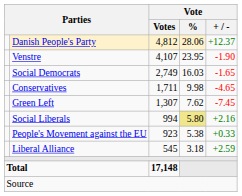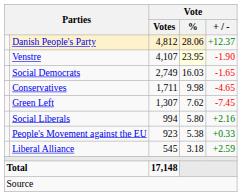 <table class="wikitable" style="text-align:right;">
 <tr>
 <th style="text-align:centre;" rowspan="2" colspan="2" width="225">Parties</th>
 <th colspan="3">Vote</th>
 </tr>
 <tr>
 <th width="15">Votes</th>
 <th width="15">%</th>
 <th width="15">+ / -</th>
 </tr>
 <tr>
 <td width="2" style="color:inherit;background:"></td>
 <td bgcolor=#fef2cc   align="left"><a href='#'>Danish People's Party</a></td>
 <td bgcolor=#fef2cc>4,812</td>
 <td bgcolor=#fef2cc>28.06</td>
 <td style=color:green;>+12.37</td>
 </tr>
 <tr>
 <td width="2" style="color:inherit;background:"></td>
 <td align="left"><a href='#'>Venstre</a></td>
 <td>4,107</td>
-<td>23.95</td>
+<td style="background: lightyellow;">23.95</td>
 <td style=color:red;>-1.90</td>
 </tr>
 <tr>
 <td width="2" style="color:inherit;background:"></td>
 <td align="left"><a href='#'>Social Democrats</a></td>
 <td>2,749</td>
 <td>16.03</td>
 <td style=color:red;>-1.65</td>
 </tr>
 <tr>
 <td width="2" style="color:inherit;background:"></td>
 <td align="left"><a href='#'>Conservatives</a></td>
 <td>1,711</td>
 <td>9.98</td>
 <td style=color:red;>-4.65</td>
 </tr>
 <tr>
 <td width="2" style="color:inherit;background:"></td>
 <td align="left"><a href='#'>Green Left</a></td>
 <td>1,307</td>
 <td>7.62</td>
 <td style=color:red;>-7.45</td>
 </tr>
 <tr>
 <td width="2" style="color:inherit;background:"></td>
 <td align="left"><a href='#'>Social Liberals</a></td>
 <td>994</td>
-<td style="background: khaki;">5.80</td>
+<td>5.80</td>
 <td style=color:green;>+2.16</td>
 </tr>
 <tr>
 <td width="2" style="color:inherit;background:"></td>
 <td align="left"><a href='#'>People's Movement against the EU</a></td>
 <td>923</td>
 <td>5.38</td>
 <td style=color:green;>+0.33</td>
 </tr>
 <tr>
 <td width="2" style="color:inherit;background:"></td>
 <td align="left"><a href='#'>Liberal Alliance</a></td>
 <td>545</td>
 <td>3.18</td>
 <td style=color:green;>+2.59</td>
 </tr>
 <tr>
 <td colspan="7" bgcolor="#E9E9E9"></td>
 </tr>
 <tr>
 <td align="left" colspan="2"><strong>Total</strong></td>
 <td><strong>17,148</strong></td>
 <td bgcolor="#E9E9E9" colspan="2"></td>
 </tr>
 <tr>
 <td align="left" colspan="6">Source</td>
 </tr>
 </table>
